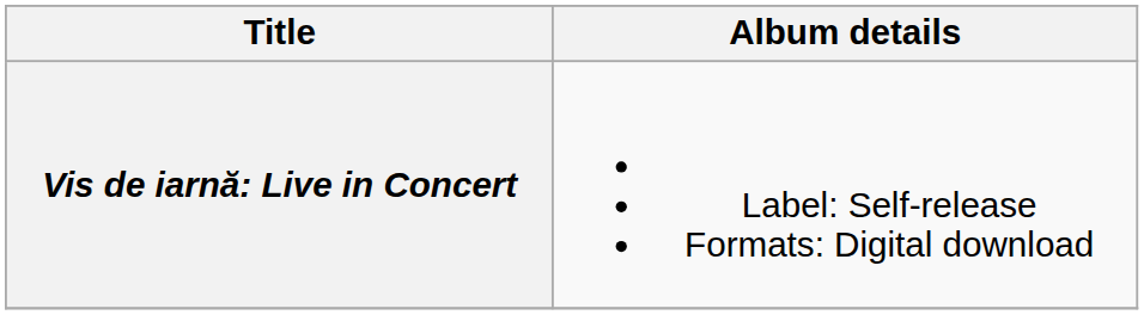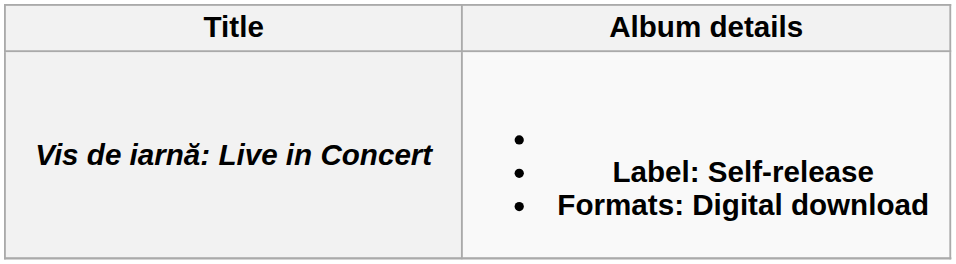 <table class="wikitable plainrowheaders" style="text-align:center;">
 <tr>
 <th scope="col" rowspan="1" style="width:15em;">Title</th>
 <th scope="col" rowspan="1" style="width:16em;">Album details</th>
 </tr>
 <tr>
 <th scope="row"><em>Vis de iarnă: Live in Concert</em></th>
-<td><br><ul><li></li><li>Label: Self-release</li><li>Formats: Digital download</li></ul></td>
+<td><strong><br><ul><li></li><li>Label: Self-release</li><li>Formats: Digital download</li></ul></strong></td>
 </tr>
 <tr>
 </tr>
 </table>
